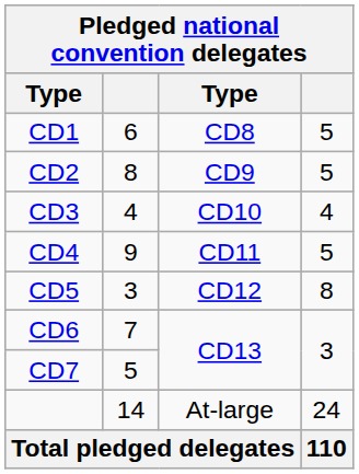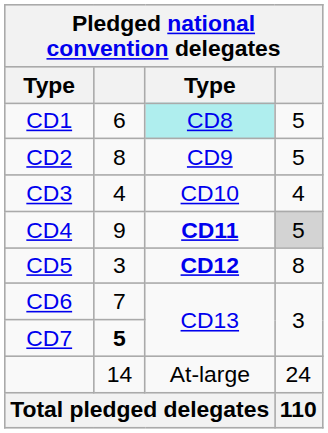 <table class="wikitable sortable" style="font-size:90%;text-align:center;float:none;padding:5px;">
 <tr>
 <th colspan="4">Pledged <a href='#'>national<br>convention</a> delegates</th>
 </tr>
 <tr>
 <th>Type</th>
 <th></th>
 <th>Type</th>
 <th></th>
 </tr>
 <tr>
 <td><a href='#'>CD1</a></td>
 <td>6</td>
-<td><a href='#'>CD8</a></td>
+<td style="background: paleturquoise;"><a href='#'>CD8</a></td>
 <td>5</td>
 </tr>
 <tr>
 <td><a href='#'>CD2</a></td>
 <td>8</td>
 <td><a href='#'>CD9</a></td>
 <td>5</td>
 </tr>
 <tr>
 <td><a href='#'>CD3</a></td>
 <td>4</td>
 <td><a href='#'>CD10</a></td>
 <td>4</td>
 </tr>
 <tr>
 <td><a href='#'>CD4</a></td>
 <td>9</td>
-<td><a href='#'>CD11</a></td>
-<td>5</td>
+<td><strong><a href='#'>CD11</a></strong></td>
+<td style="background: lightgrey;">5</td>
 </tr>
 <tr>
 <td><a href='#'>CD5</a></td>
 <td>3</td>
-<td><a href='#'>CD12</a></td>
+<td><strong><a href='#'>CD12</a></strong></td>
 <td>8</td>
 </tr>
 <tr>
 <td><a href='#'>CD6</a></td>
 <td>7</td>
 <td rowspan="2"><a href='#'>CD13</a></td>
 <td rowspan="2">3</td>
 </tr>
 <tr>
 <td><a href='#'>CD7</a></td>
-<td>5</td>
+<td><strong>5</strong></td>
 </tr>
 <tr>
 <td></td>
 <td>14</td>
 <td>At-large</td>
 <td>24</td>
 </tr>
 <tr>
 <th colspan="3">Total pledged delegates</th>
 <th>110</th>
 </tr>
 </table>
